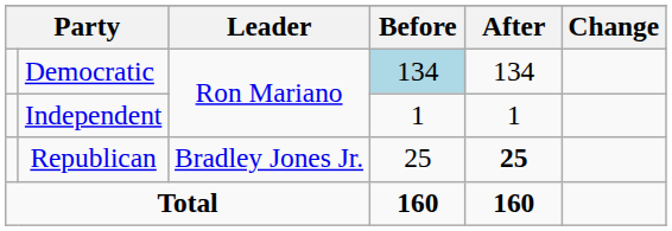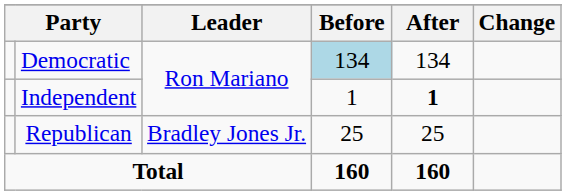 <table class="wikitable" style="text-align:center;">
 <tr>
 </tr>
 <tr>
 <th colspan="2">Party</th>
 <th>Leader</th>
 <th style="width:3em">Before</th>
 <th style="width:3em">After</th>
 <th style="width:3em">Change</th>
 </tr>
 <tr>
 <td style="background-color:"></td>
 <td style="text-align:left;"><a href='#'>Democratic</a></td>
 <td rowspan="2"><a href='#'>Ron Mariano</a></td>
 <td style="background: lightblue;">134</td>
 <td>134</td>
 <td></td>
 </tr>
 <tr>
 <td style="background-color:"></td>
 <td style="text-align:left;"><a href='#'>Independent</a></td>
 <td>1</td>
-<td>1</td>
+<td><strong>1</strong></td>
 <td></td>
 </tr>
 <tr>
 <td style="background-color:"></td>
 <td><a href='#'>Republican</a></td>
 <td><a href='#'>Bradley Jones Jr.</a></td>
 <td>25</td>
-<td><strong>25</strong></td>
+<td>25</td>
 <td></td>
 </tr>
 <tr>
 <td colspan="3"><strong>Total</strong></td>
 <td><strong>160</strong></td>
 <td><strong>160</strong></td>
 <td></td>
 </tr>
 </table>
